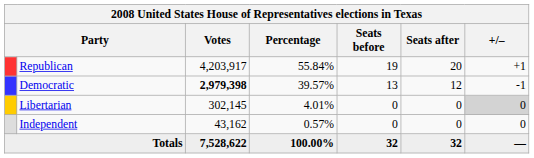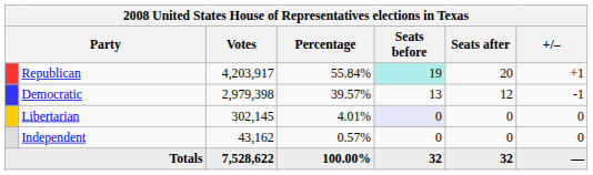 <table class="wikitable" style="font-size: 95%;">
 <tr>
 <th colspan="7">2008 United States House of Representatives elections in Texas</th>
 </tr>
 <tr>
 <th colspan=2 style="width: 15em">Party</th>
 <th style="width: 5em">Votes</th>
 <th style="width: 7em">Percentage</th>
 <th style="width: 5em">Seats before</th>
 <th style="width: 5em">Seats after</th>
 <th style="width: 5em">+/–</th>
 </tr>
 <tr>
 <th style="background:#f33; width:3px;"></th>
 <td style="width: 130px"><a href='#'>Republican</a></td>
 <td style="text-align:right;">4,203,917</td>
 <td style="text-align:right;">55.84%</td>
-<td style="text-align:right;">19</td>
+<td style="background: paleturquoise; text-align:right;">19</td>
 <td style="text-align:right;">20</td>
 <td style="text-align:right;">+1</td>
 </tr>
 <tr>
 <th style="background:#33f; width:3px;"></th>
 <td style="width: 130px"><a href='#'>Democratic</a></td>
-<td style="text-align:right;"><strong>2,979,398</strong></td>
+<td style="text-align:right;">2,979,398</td>
 <td style="text-align:right;">39.57%</td>
 <td style="text-align:right;">13</td>
 <td style="text-align:right;">12</td>
 <td style="text-align:right;">-1</td>
 </tr>
 <tr>
 <th style="background:#fc0; width:3px;"></th>
 <td style="width: 130px"><a href='#'>Libertarian</a></td>
 <td style="text-align:right;">302,145</td>
 <td style="text-align:right;">4.01%</td>
+<td style="background: lavender; text-align:right;">0</td>
 <td style="text-align:right;">0</td>
 <td style="text-align:right;">0</td>
-<td style="background: lightgrey; text-align:right;">0</td>
 </tr>
 <tr>
 <th style="background:#ddd; width:3px;"></th>
 <td style="width: 130px"><a href='#'>Independent</a></td>
 <td style="text-align:right;">43,162</td>
 <td style="text-align:right;">0.57%</td>
 <td style="text-align:right;">0</td>
 <td style="text-align:right;">0</td>
 <td style="text-align:right;">0</td>
 </tr>
 <tr style="background:#eee; text-align:right;">
 <td colspan="2"><strong>Totals</strong></td>
 <td><strong>7,528,622</strong></td>
 <td><strong>100.00%</strong></td>
 <td><strong>32</strong></td>
 <td><strong>32</strong></td>
 <td><strong>—</strong></td>
 </tr>
 </table>
